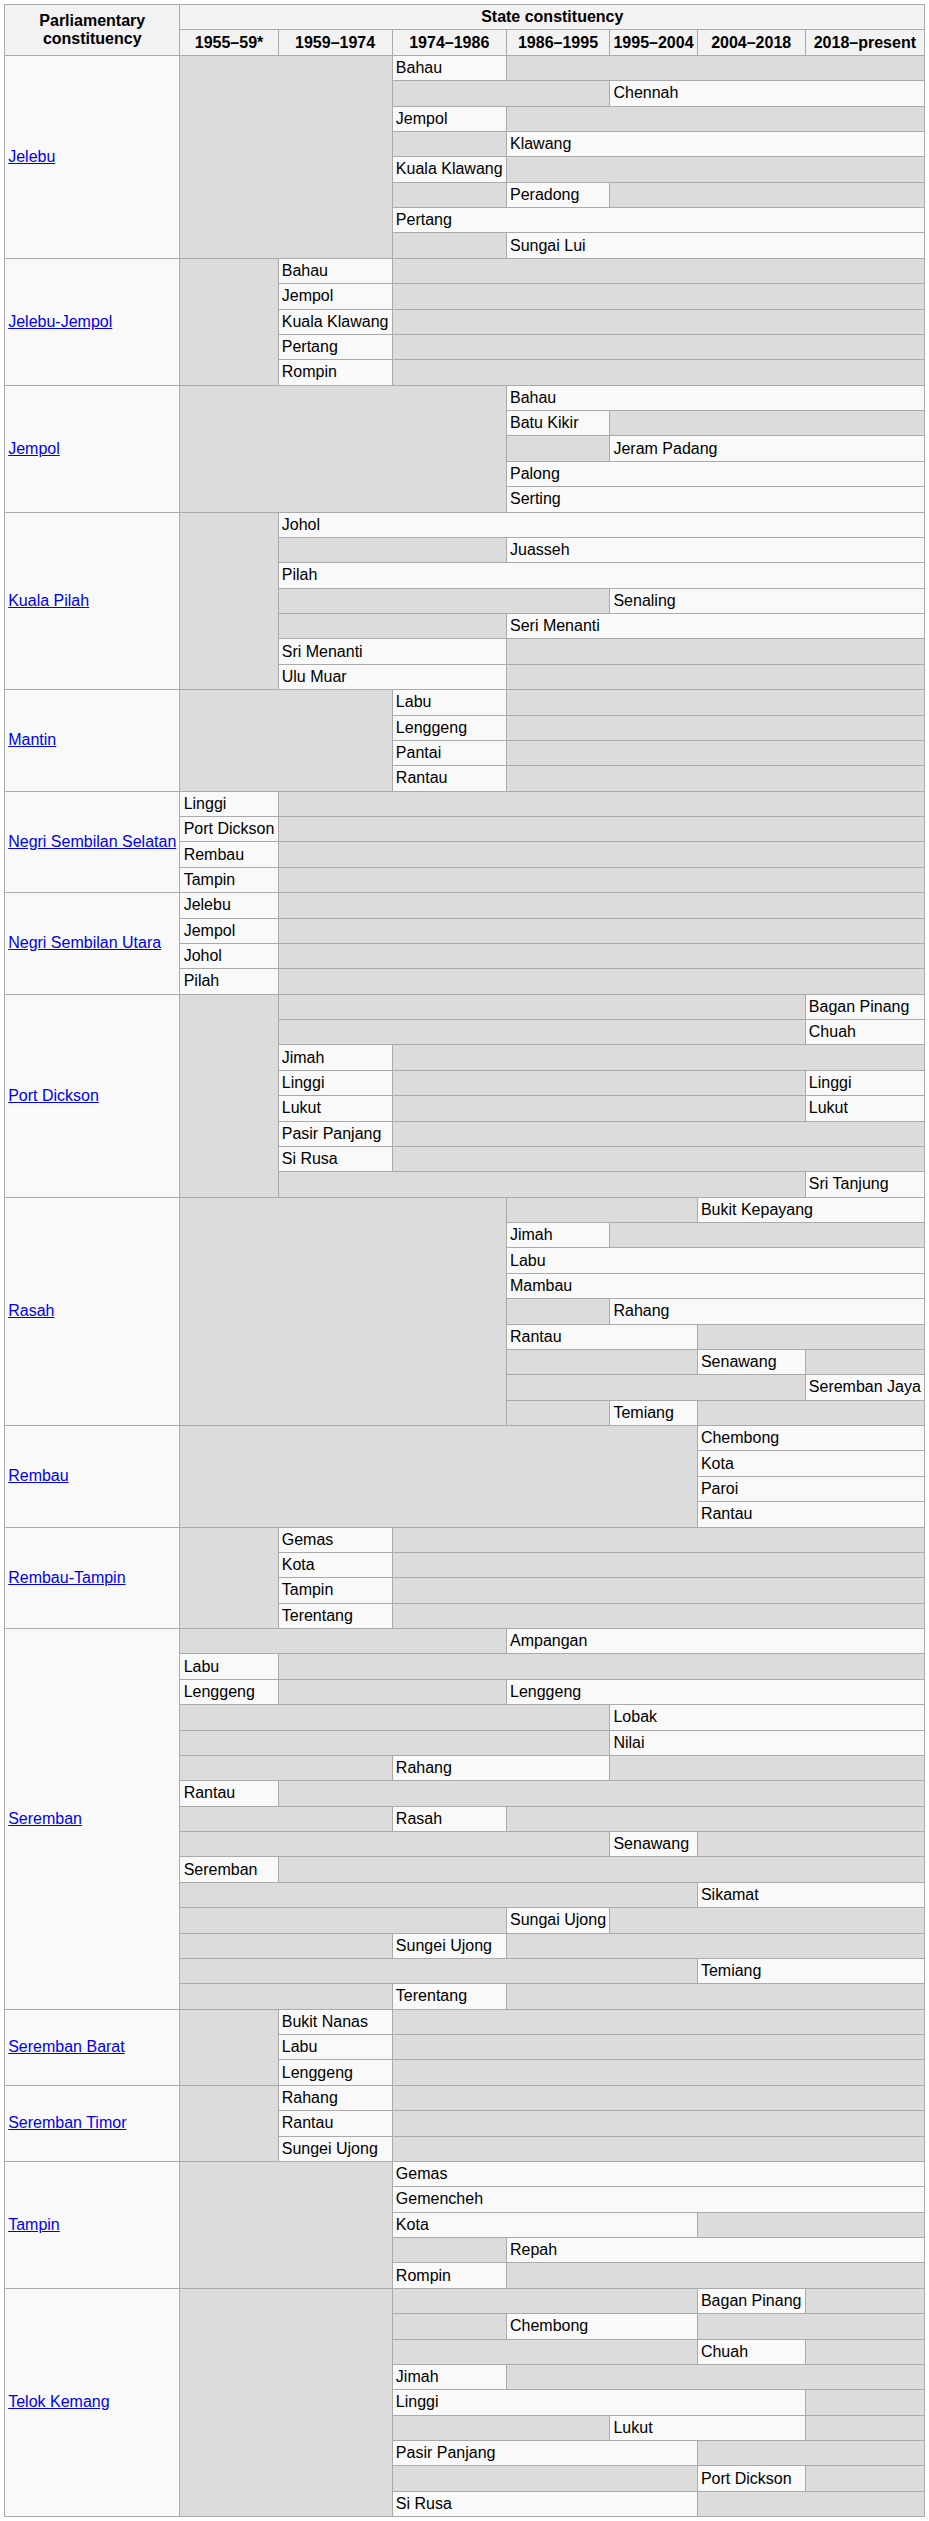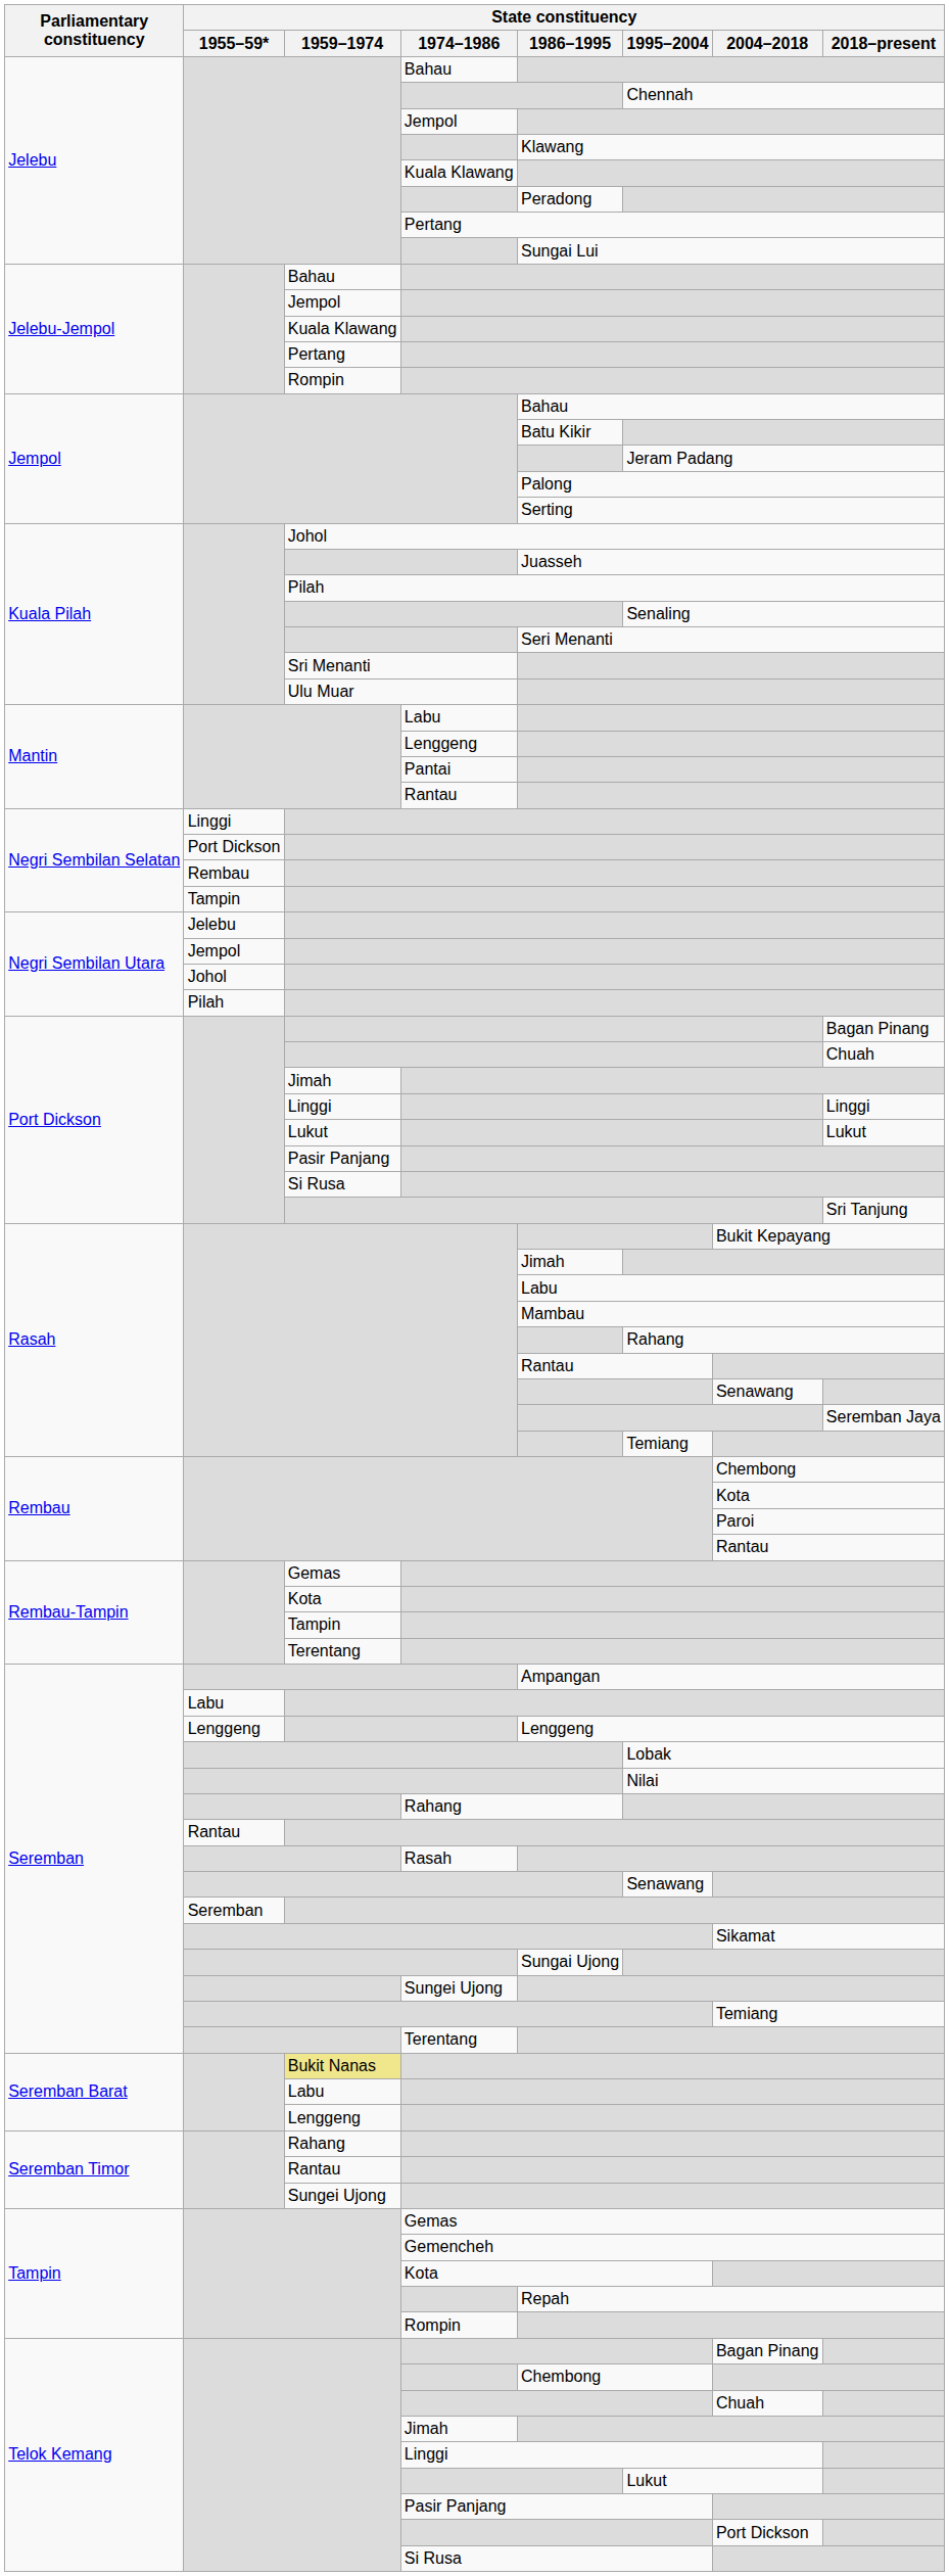 <table class=wikitable>
 <tr>
 <th rowspan=2>Parliamentary<br>constituency</th>
 <th colspan=7>State constituency</th>
 </tr>
 <tr>
 <th>1955–59*</th>
 <th>1959–1974</th>
 <th>1974–1986</th>
 <th>1986–1995</th>
 <th>1995–2004</th>
 <th>2004–2018</th>
 <th>2018–present</th>
 </tr>
 <tr>
 <td rowspan=8><a href='#'>Jelebu</a></td>
 <td colspan="2" rowspan="8" bgcolor="dcdcdc"></td>
 <td>Bahau</td>
 <td colspan=4 bgcolor=dcdcdc></td>
 </tr>
 <tr>
 <td colspan=2 bgcolor=dcdcdc></td>
 <td colspan=3>Chennah</td>
 </tr>
 <tr>
 <td>Jempol</td>
 <td colspan=4 bgcolor=dcdcdc></td>
 </tr>
 <tr>
 <td bgcolor=dcdcdc></td>
 <td colspan=4>Klawang</td>
 </tr>
 <tr>
 <td>Kuala Klawang</td>
 <td colspan=4 bgcolor=dcdcdc></td>
 </tr>
 <tr>
 <td bgcolor=dcdcdc></td>
 <td>Peradong</td>
 <td colspan=3 bgcolor=dcdcdc></td>
 </tr>
 <tr>
 <td colspan=5>Pertang</td>
 </tr>
 <tr>
 <td bgcolor=dcdcdc></td>
 <td colspan=4>Sungai Lui</td>
 </tr>
 <tr>
 <td rowspan=5><a href='#'>Jelebu-Jempol</a></td>
 <td rowspan="5" bgcolor="dcdcdc"></td>
 <td>Bahau</td>
 <td colspan=5 bgcolor=dcdcdc></td>
 </tr>
 <tr>
 <td>Jempol</td>
 <td colspan=5 bgcolor=dcdcdc></td>
 </tr>
 <tr>
 <td>Kuala Klawang</td>
 <td colspan=5 bgcolor=dcdcdc></td>
 </tr>
 <tr>
 <td>Pertang</td>
 <td colspan=5 bgcolor=dcdcdc></td>
 </tr>
 <tr>
 <td>Rompin</td>
 <td colspan=5 bgcolor=dcdcdc></td>
 </tr>
 <tr>
 <td rowspan=5><a href='#'>Jempol</a></td>
 <td colspan="3" rowspan="5" bgcolor="dcdcdc"></td>
 <td colspan=4>Bahau</td>
 </tr>
 <tr>
 <td>Batu Kikir</td>
 <td colspan=3 bgcolor=dcdcdc></td>
 </tr>
 <tr>
 <td bgcolor=dcdcdc></td>
 <td colspan=3>Jeram Padang</td>
 </tr>
 <tr>
 <td colspan=4>Palong</td>
 </tr>
 <tr>
 <td colspan=4>Serting</td>
 </tr>
 <tr>
 <td rowspan=7><a href='#'>Kuala Pilah</a></td>
 <td rowspan="7" bgcolor="dcdcdc"></td>
 <td colspan=6>Johol</td>
 </tr>
 <tr>
 <td colspan=2 bgcolor=dcdcdc></td>
 <td colspan=4>Juasseh</td>
 </tr>
 <tr>
 <td colspan=6>Pilah</td>
 </tr>
 <tr>
 <td colspan=3 bgcolor=dcdcdc></td>
 <td colspan=3>Senaling</td>
 </tr>
 <tr>
 <td colspan=2 bgcolor=dcdcdc></td>
 <td colspan=4>Seri Menanti</td>
 </tr>
 <tr>
 <td colspan=2>Sri Menanti</td>
 <td colspan=4 bgcolor=dcdcdc></td>
 </tr>
 <tr>
 <td colspan=2>Ulu Muar</td>
 <td colspan=4 bgcolor=dcdcdc></td>
 </tr>
 <tr>
 <td rowspan=4><a href='#'>Mantin</a></td>
 <td colspan="2" rowspan="4" bgcolor="dcdcdc"></td>
 <td>Labu</td>
 <td colspan=4 bgcolor=dcdcdc></td>
 </tr>
 <tr>
 <td>Lenggeng</td>
 <td colspan=4 bgcolor=dcdcdc></td>
 </tr>
 <tr>
 <td>Pantai</td>
 <td colspan=4 bgcolor=dcdcdc></td>
 </tr>
 <tr>
 <td>Rantau</td>
 <td colspan=4 bgcolor=dcdcdc></td>
 </tr>
 <tr>
 <td rowspan=4><a href='#'>Negri Sembilan Selatan</a></td>
 <td>Linggi</td>
 <td colspan=6 bgcolor=dcdcdc></td>
 </tr>
 <tr>
 <td>Port Dickson</td>
 <td colspan=6 bgcolor=dcdcdc></td>
 </tr>
 <tr>
 <td>Rembau</td>
 <td colspan=6 bgcolor=dcdcdc></td>
 </tr>
 <tr>
 <td>Tampin</td>
 <td colspan=6 bgcolor=dcdcdc></td>
 </tr>
 <tr>
 <td rowspan=4><a href='#'>Negri Sembilan Utara</a></td>
 <td>Jelebu</td>
 <td colspan=6 bgcolor=dcdcdc></td>
 </tr>
 <tr>
 <td>Jempol</td>
 <td colspan=6 bgcolor=dcdcdc></td>
 </tr>
 <tr>
 <td>Johol</td>
 <td colspan=6 bgcolor=dcdcdc></td>
 </tr>
 <tr>
 <td>Pilah</td>
 <td colspan=6 bgcolor=dcdcdc></td>
 </tr>
 <tr>
 <td rowspan=8><a href='#'>Port Dickson</a></td>
 <td rowspan="8" bgcolor="dcdcdc"></td>
 <td colspan=5 bgcolor=dcdcdc></td>
 <td>Bagan Pinang</td>
 </tr>
 <tr>
 <td colspan=5 bgcolor=dcdcdc></td>
 <td>Chuah</td>
 </tr>
 <tr>
 <td>Jimah</td>
 <td colspan=5 bgcolor=dcdcdc></td>
 </tr>
 <tr>
 <td>Linggi</td>
 <td colspan=4 bgcolor=dcdcdc></td>
 <td>Linggi</td>
 </tr>
 <tr>
 <td>Lukut</td>
 <td colspan=4 bgcolor=dcdcdc></td>
 <td>Lukut</td>
 </tr>
 <tr>
 <td>Pasir Panjang</td>
 <td colspan=5 bgcolor=dcdcdc></td>
 </tr>
 <tr>
 <td>Si Rusa</td>
 <td colspan=5 bgcolor=dcdcdc></td>
 </tr>
 <tr>
 <td colspan=5 bgcolor=dcdcdc></td>
 <td>Sri Tanjung</td>
 </tr>
 <tr>
 <td rowspan=9><a href='#'>Rasah</a></td>
 <td colspan="3" rowspan="9" bgcolor="dcdcdc"></td>
 <td colspan=2 bgcolor=dcdcdc></td>
 <td colspan=2>Bukit Kepayang</td>
 </tr>
 <tr>
 <td>Jimah</td>
 <td colspan=3 bgcolor=dcdcdc></td>
 </tr>
 <tr>
 <td colspan=4>Labu</td>
 </tr>
 <tr>
 <td colspan=4>Mambau</td>
 </tr>
 <tr>
 <td bgcolor=dcdcdc></td>
 <td colspan=3>Rahang</td>
 </tr>
 <tr>
 <td colspan=2>Rantau</td>
 <td colspan=2 bgcolor=dcdcdc></td>
 </tr>
 <tr>
 <td colspan=2 bgcolor=dcdcdc></td>
 <td>Senawang</td>
 <td bgcolor=dcdcdc></td>
 </tr>
 <tr>
 <td colspan=3 bgcolor=dcdcdc></td>
 <td>Seremban Jaya</td>
 </tr>
 <tr>
 <td bgcolor=dcdcdc></td>
 <td>Temiang</td>
 <td colspan=2 bgcolor=dcdcdc></td>
 </tr>
 <tr>
 <td rowspan=4><a href='#'>Rembau</a></td>
 <td colspan="5" rowspan="4" bgcolor="dcdcdc"></td>
 <td colspan=2>Chembong</td>
 </tr>
 <tr>
 <td colspan=2>Kota</td>
 </tr>
 <tr>
 <td colspan=2>Paroi</td>
 </tr>
 <tr>
 <td colspan=2>Rantau</td>
 </tr>
 <tr>
 <td rowspan=4><a href='#'>Rembau-Tampin</a></td>
 <td rowspan="4" bgcolor="dcdcdc"></td>
 <td>Gemas</td>
 <td colspan=5 bgcolor=dcdcdc></td>
 </tr>
 <tr>
 <td>Kota</td>
 <td colspan=5 bgcolor=dcdcdc></td>
 </tr>
 <tr>
 <td>Tampin</td>
 <td colspan=5 bgcolor=dcdcdc></td>
 </tr>
 <tr>
 <td>Terentang</td>
 <td colspan=5 bgcolor=dcdcdc></td>
 </tr>
 <tr>
 <td rowspan=15><a href='#'>Seremban</a></td>
 <td colspan="3" bgcolor="dcdcdc"></td>
 <td colspan=4>Ampangan</td>
 </tr>
 <tr>
 <td>Labu</td>
 <td colspan=6 bgcolor=dcdcdc></td>
 </tr>
 <tr>
 <td>Lenggeng</td>
 <td colspan=2 bgcolor=dcdcdc></td>
 <td colspan=4>Lenggeng</td>
 </tr>
 <tr>
 <td colspan=4 bgcolor=dcdcdc></td>
 <td colspan=3>Lobak</td>
 </tr>
 <tr>
 <td colspan=4 bgcolor=dcdcdc></td>
 <td colspan=3>Nilai</td>
 </tr>
 <tr>
 <td colspan=2 bgcolor=dcdcdc></td>
 <td colspan=2>Rahang</td>
 <td colspan=3 bgcolor=dcdcdc></td>
 </tr>
 <tr>
 <td>Rantau</td>
 <td colspan=6 bgcolor=dcdcdc></td>
 </tr>
 <tr>
 <td colspan=2 bgcolor=dcdcdc></td>
 <td>Rasah</td>
 <td colspan=4 bgcolor=dcdcdc></td>
 </tr>
 <tr>
 <td colspan=4 bgcolor=dcdcdc></td>
 <td>Senawang</td>
 <td colspan=2 bgcolor=dcdcdc></td>
 </tr>
 <tr>
 <td>Seremban</td>
 <td colspan=6 bgcolor=dcdcdc></td>
 </tr>
 <tr>
 <td colspan=5 bgcolor=dcdcdc></td>
 <td colspan=2>Sikamat</td>
 </tr>
 <tr>
 <td colspan=3 bgcolor=dcdcdc></td>
 <td>Sungai Ujong</td>
 <td colspan=3 bgcolor=dcdcdc></td>
 </tr>
 <tr>
 <td colspan=2 bgcolor=dcdcdc></td>
 <td>Sungei Ujong</td>
 <td colspan=4 bgcolor=dcdcdc></td>
 </tr>
 <tr>
 <td colspan=5 bgcolor=dcdcdc></td>
 <td colspan=2>Temiang</td>
 </tr>
 <tr>
 <td colspan=2 bgcolor=dcdcdc></td>
 <td>Terentang</td>
 <td colspan=4 bgcolor=dcdcdc></td>
 </tr>
 <tr>
 <td rowspan=3><a href='#'>Seremban Barat</a></td>
 <td rowspan="3" bgcolor="dcdcdc"></td>
-<td>Bukit Nanas</td>
+<td style="background: khaki;">Bukit Nanas</td>
 <td colspan=5 bgcolor=dcdcdc></td>
 </tr>
 <tr>
 <td>Labu</td>
 <td colspan=5 bgcolor=dcdcdc></td>
 </tr>
 <tr>
 <td>Lenggeng</td>
 <td colspan=5 bgcolor=dcdcdc></td>
 </tr>
 <tr>
 <td rowspan=3><a href='#'>Seremban Timor</a></td>
 <td rowspan="3" bgcolor="dcdcdc"></td>
 <td>Rahang</td>
 <td colspan=5 bgcolor=dcdcdc></td>
 </tr>
 <tr>
 <td>Rantau</td>
 <td colspan=5 bgcolor=dcdcdc></td>
 </tr>
 <tr>
 <td>Sungei Ujong</td>
 <td colspan=5 bgcolor=dcdcdc></td>
 </tr>
 <tr>
 <td rowspan=5><a href='#'>Tampin</a></td>
 <td colspan="2" rowspan="5" bgcolor="dcdcdc"></td>
 <td colspan=5>Gemas</td>
 </tr>
 <tr>
 <td colspan=5>Gemencheh</td>
 </tr>
 <tr>
 <td colspan=3>Kota</td>
 <td colspan=2 bgcolor=dcdcdc></td>
 </tr>
 <tr>
 <td bgcolor=dcdcdc></td>
 <td colspan=4>Repah</td>
 </tr>
 <tr>
 <td>Rompin</td>
 <td colspan=4 bgcolor=dcdcdc></td>
 </tr>
 <tr>
 <td rowspan=9><a href='#'>Telok Kemang</a></td>
 <td colspan="2" rowspan="9" bgcolor="dcdcdc"></td>
 <td colspan=3 bgcolor=dcdcdc></td>
 <td>Bagan Pinang</td>
 <td bgcolor=dcdcdc></td>
 </tr>
 <tr>
 <td bgcolor=dcdcdc></td>
 <td colspan=2>Chembong</td>
 <td colspan=2 bgcolor=dcdcdc></td>
 </tr>
 <tr>
 <td colspan=3 bgcolor=dcdcdc></td>
 <td>Chuah</td>
 <td bgcolor=dcdcdc></td>
 </tr>
 <tr>
 <td>Jimah</td>
 <td colspan=4 bgcolor=dcdcdc></td>
 </tr>
 <tr>
 <td colspan=4>Linggi</td>
 <td bgcolor=dcdcdc></td>
 </tr>
 <tr>
 <td colspan=2 bgcolor=dcdcdc></td>
 <td colspan=2>Lukut</td>
 <td bgcolor=dcdcdc></td>
 </tr>
 <tr>
 <td colspan=3>Pasir Panjang</td>
 <td colspan=2 bgcolor=dcdcdc></td>
 </tr>
 <tr>
 <td colspan=3 bgcolor=dcdcdc></td>
 <td>Port Dickson</td>
 <td bgcolor=dcdcdc></td>
 </tr>
 <tr>
 <td colspan=3>Si Rusa</td>
 <td colspan=2 bgcolor=dcdcdc></td>
 </tr>
 </table>
